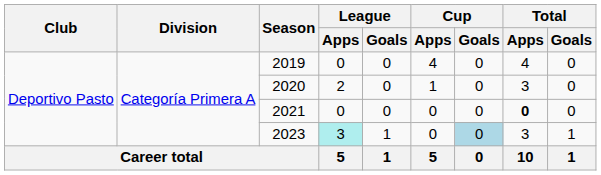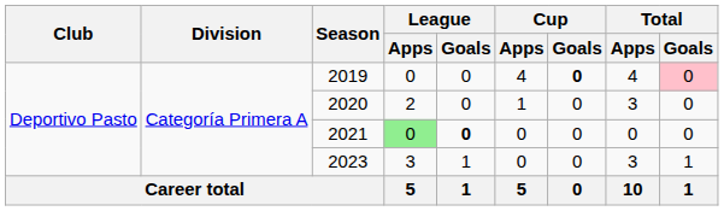 <table class="wikitable" style="text-align: center">
 <tr>
 <th rowspan="2">Club</th>
 <th rowspan="2">Division</th>
 <th rowspan="2">Season</th>
 <th colspan="2">League</th>
 <th colspan="2">Cup</th>
 <th colspan="2">Total</th>
 </tr>
 <tr>
 <th>Apps</th>
 <th>Goals</th>
 <th>Apps</th>
 <th>Goals</th>
 <th>Apps</th>
 <th>Goals</th>
 </tr>
 <tr>
 <td rowspan="4"><a href='#'>Deportivo Pasto</a></td>
 <td rowspan="4"><a href='#'>Categoría Primera A</a></td>
 <td>2019</td>
 <td>0</td>
 <td>0</td>
 <td>4</td>
-<td>0</td>
+<td><strong>0</strong></td>
 <td>4</td>
-<td>0</td>
+<td style="background: pink;">0</td>
 </tr>
 <tr>
 <td>2020</td>
 <td>2</td>
 <td>0</td>
 <td>1</td>
 <td>0</td>
 <td>3</td>
 <td>0</td>
 </tr>
 <tr>
 <td>2021</td>
+<td style="background: lightgreen;">0</td>
+<td><strong>0</strong></td>
 <td>0</td>
 <td>0</td>
 <td>0</td>
 <td>0</td>
-<td><strong>0</strong></td>
-<td>0</td>
 </tr>
 <tr>
 <td>2023</td>
-<td style="background: paleturquoise;">3</td>
+<td>3</td>
 <td>1</td>
 <td>0</td>
-<td style="background: lightblue;">0</td>
+<td>0</td>
 <td>3</td>
 <td>1</td>
 </tr>
 <tr>
 <th colspan="3">Career total</th>
 <th>5</th>
 <th>1</th>
 <th>5</th>
 <th>0</th>
 <th>10</th>
 <th>1</th>
 </tr>
 </table>
